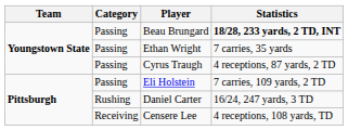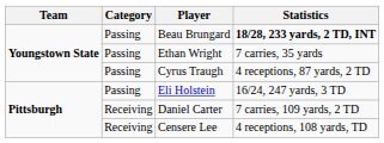 <table class="wikitable" style="float: right;">
 <tr>
 <th>Team</th>
 <th>Category</th>
 <th>Player</th>
 <th>Statistics</th>
 </tr>
 <tr>
 <td rowspan=3><strong>Youngstown State</strong></td>
 <td>Passing</td>
 <td>Beau Brungard</td>
 <td><strong>18/28, 233 yards, 2 TD, INT</strong></td>
 </tr>
 <tr>
 <td>Passing</td>
 <td>Ethan Wright</td>
 <td>7 carries, 35 yards</td>
 </tr>
 <tr>
 <td>Passing</td>
 <td>Cyrus Traugh</td>
 <td>4 receptions, 87 yards, 2 TD</td>
 </tr>
 <tr>
 <td rowspan=3><strong>Pittsburgh</strong></td>
 <td>Passing</td>
 <td><a href='#'>Eli Holstein</a></td>
-<td>7 carries, 109 yards, 2 TD</td>
+<td>16/24, 247 yards, 3 TD</td>
 </tr>
 <tr>
-<td>Rushing</td>
+<td>Receiving</td>
 <td>Daniel Carter</td>
-<td>16/24, 247 yards, 3 TD</td>
+<td>7 carries, 109 yards, 2 TD</td>
 </tr>
 <tr>
 <td>Receiving</td>
 <td>Censere Lee</td>
 <td>4 receptions, 108 yards, TD</td>
 </tr>
 </table>
